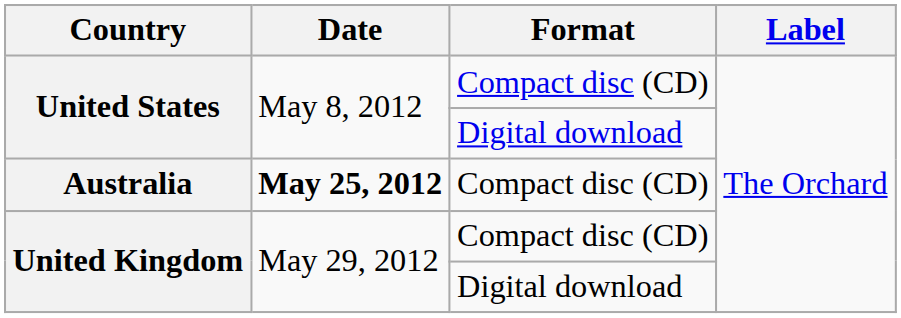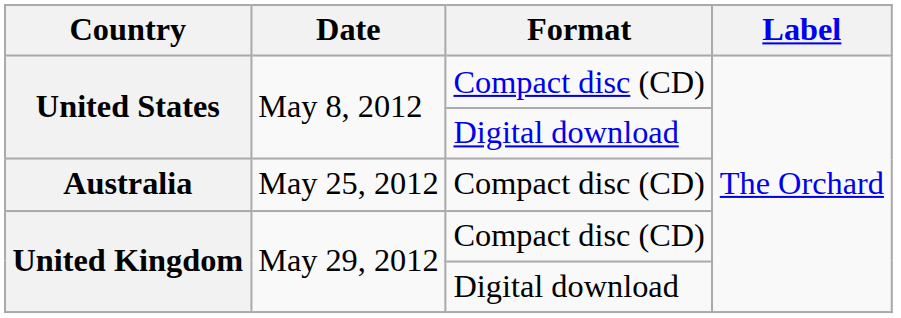 <table class="wikitable plainrowheaders">
 <tr>
 <th scope="row">Country</th>
 <th>Date</th>
 <th>Format</th>
 <th><a href='#'>Label</a></th>
 </tr>
 <tr>
 <th scope="row" rowspan="2">United States</th>
 <td rowspan="2">May 8, 2012</td>
 <td><a href='#'>Compact disc</a> (CD)</td>
 <td rowspan="5"><a href='#'>The Orchard</a></td>
 </tr>
 <tr>
 <td><a href='#'>Digital download</a></td>
 </tr>
 <tr>
 <th scope="row">Australia</th>
-<td><strong>May 25, 2012</strong></td>
+<td>May 25, 2012</td>
 <td>Compact disc (CD)</td>
 </tr>
 <tr>
 <th scope="row" rowspan="2">United Kingdom</th>
 <td rowspan="2">May 29, 2012</td>
 <td>Compact disc (CD)</td>
 </tr>
 <tr>
 <td>Digital download</td>
 </tr>
 </table>
